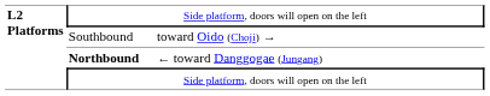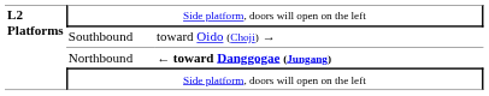 <table table border=0 cellspacing=0 cellpadding=3>
 <tr>
 <td style="border-top:solid 1px gray;border-bottom:solid 1px gray;" width=50 rowspan=10 valign=top><strong>L2<br>Platforms</strong></td>
 <td style="border-top:solid 1px gray;border-right:solid 2px black;border-left:solid 2px black;border-bottom:solid 2px black;text-align:center;" colspan=2><small><a href='#'>Side platform</a>, doors will open on the left</small></td>
 </tr>
 <tr>
 <td>Southbound</td>
 <td>  toward <a href='#'>Oido</a> <small>(<a href='#'>Choji</a>)</small> →</td>
 </tr>
 <tr>
-<td style="border-bottom:solid 0px gray;border-top:solid 1px gray;" width=100><strong>Northbound</strong></td>
-<td style="border-bottom:solid 0px gray;border-top:solid 1px gray;" width=390>←  toward <a href='#'>Danggogae</a> <small>(<a href='#'>Jungang</a>)</small></td>
+<td style="border-bottom:solid 0px gray;border-top:solid 1px gray;" width=100>Northbound</td>
+<td style="border-bottom:solid 0px gray;border-top:solid 1px gray;" width=390><strong>←  toward <a href='#'>Danggogae</a> <small>(<a href='#'>Jungang</a>)</small></strong></td>
 </tr>
 <tr>
 <td style="border-top:solid 2px black;border-right:solid 2px black;border-left:solid 2px black;border-bottom:solid 1px gray;text-align:center;" colspan=2><small><a href='#'>Side platform</a>, doors will open on the left</small></td>
 </tr>
 </table>
